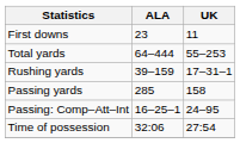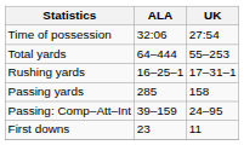 <table class="wikitable" style="float: left;">
 <tr>
 <th>Statistics</th>
 <th>ALA</th>
 <th>UK</th>
 </tr>
 <tr>
-<td>First downs</td>
-<td>23</td>
-<td>11</td>
+<td>Time of possession</td>
+<td>32:06</td>
+<td>27:54</td>
 </tr>
 <tr>
 <td>Total yards</td>
 <td>64–444</td>
 <td>55–253</td>
 </tr>
 <tr>
 <td>Rushing yards</td>
-<td>39–159</td>
+<td>16–25–1</td>
 <td>17–31–1</td>
 </tr>
 <tr>
 <td>Passing yards</td>
 <td>285</td>
 <td>158</td>
 </tr>
 <tr>
 <td>Passing: Comp–Att–Int</td>
-<td>16–25–1</td>
+<td>39–159</td>
 <td>24–95</td>
 </tr>
 <tr>
-<td>Time of possession</td>
-<td>32:06</td>
-<td>27:54</td>
+<td>First downs</td>
+<td>23</td>
+<td>11</td>
 </tr>
 <tr>
 </tr>
 </table>
